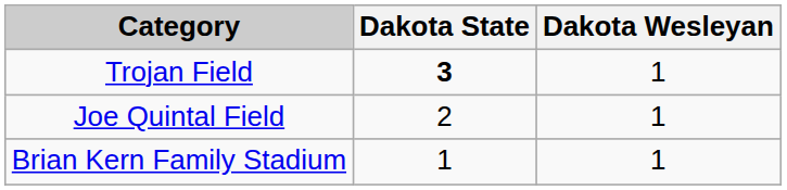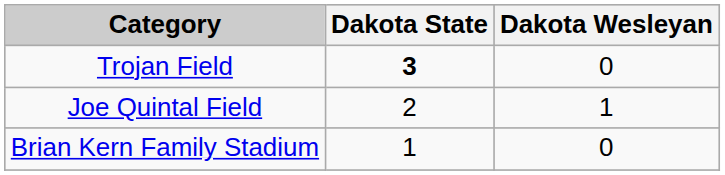 <table class="wikitable">
 <tr>
 <th style="background:#CCCCCC; text-align:center"><strong>Category</strong></th>
 <th><strong>Dakota State</strong></th>
 <th><strong>Dakota Wesleyan</strong></th>
 </tr>
 <tr>
 <td align=center><a href='#'>Trojan Field</a></td>
 <td align=center><strong>3</strong></td>
-<td align=center>1</td>
+<td align=center>0</td>
 </tr>
 <tr>
 <td align=center><a href='#'>Joe Quintal Field</a></td>
 <td align=center>2</td>
 <td align=center>1</td>
 </tr>
 <tr>
 <td align=center><a href='#'>Brian Kern Family Stadium</a></td>
 <td align=center>1</td>
-<td align=center>1</td>
+<td align=center>0</td>
 </tr>
 </table>
